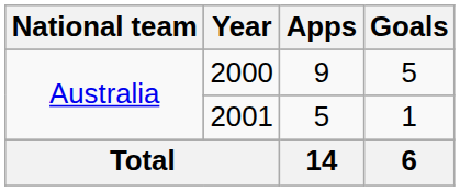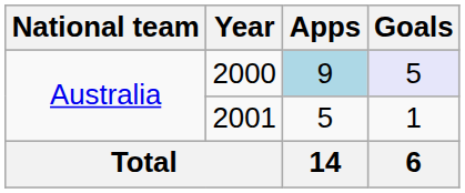 <table class="wikitable" style="text-align:center">
 <tr>
 <th>National team</th>
 <th>Year</th>
 <th>Apps</th>
 <th>Goals</th>
 </tr>
 <tr>
 <td rowspan="2"><a href='#'>Australia</a></td>
 <td>2000</td>
-<td>9</td>
-<td>5</td>
+<td style="background: lightblue;">9</td>
+<td style="background: lavender;">5</td>
 </tr>
 <tr>
 <td>2001</td>
 <td>5</td>
 <td>1</td>
 </tr>
 <tr>
 <th colspan="2">Total</th>
 <th>14</th>
 <th>6</th>
 </tr>
 </table>
